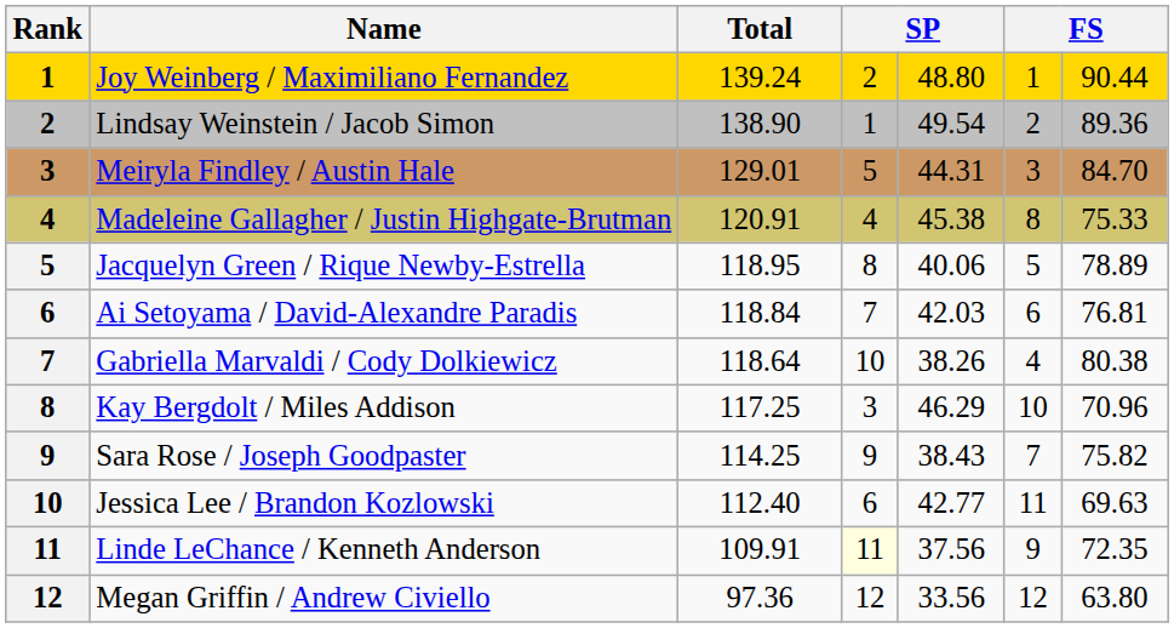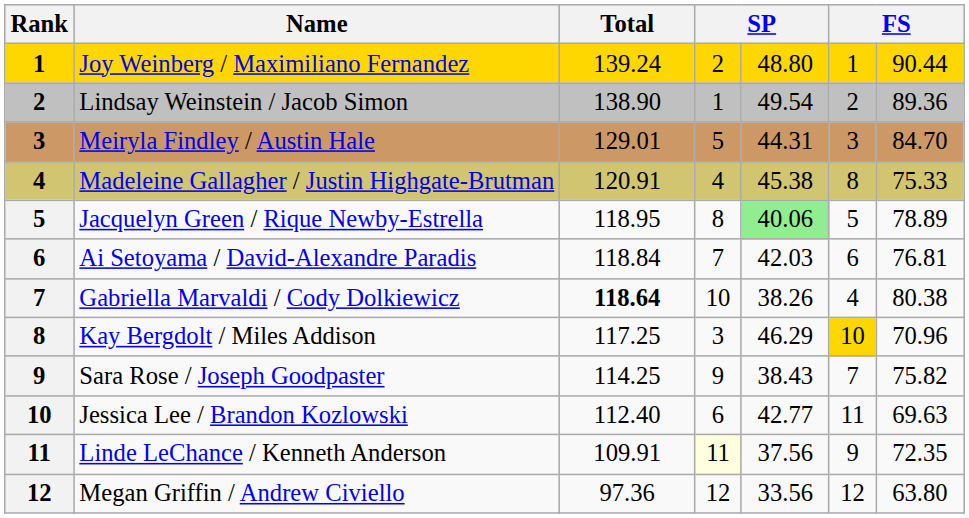 <table class="wikitable sortable">
 <tr>
 <th>Rank</th>
 <th>Name</th>
 <th width="80px">Total</th>
 <th colspan="2" width="80px"><a href='#'>SP</a></th>
 <th colspan="2" width="80px"><a href='#'>FS</a></th>
 </tr>
 <tr bgcolor="gold">
 <td align="center"><strong>1</strong></td>
 <td><a href='#'>Joy Weinberg</a> / <a href='#'>Maximiliano Fernandez</a></td>
 <td align="center">139.24</td>
 <td align="center">2</td>
 <td align="center">48.80</td>
 <td align="center">1</td>
 <td align="center">90.44</td>
 </tr>
 <tr bgcolor="silver">
 <td align="center"><strong>2</strong></td>
 <td>Lindsay Weinstein / Jacob Simon</td>
 <td align="center">138.90</td>
 <td align="center">1</td>
 <td align="center">49.54</td>
 <td align="center">2</td>
 <td align="center">89.36</td>
 </tr>
 <tr bgcolor="cc9966">
 <td align="center"><strong>3</strong></td>
 <td><a href='#'>Meiryla Findley</a> / <a href='#'>Austin Hale</a></td>
 <td align="center">129.01</td>
 <td align="center">5</td>
 <td align="center">44.31</td>
 <td align="center">3</td>
 <td align="center">84.70</td>
 </tr>
 <tr bgcolor="#d1c571">
 <td align="center"><strong>4</strong></td>
 <td><a href='#'>Madeleine Gallagher</a> / <a href='#'>Justin Highgate-Brutman</a></td>
 <td align="center">120.91</td>
 <td align="center">4</td>
 <td align="center">45.38</td>
 <td align="center">8</td>
 <td align="center">75.33</td>
 </tr>
 <tr>
 <th>5</th>
 <td><a href='#'>Jacquelyn Green</a> / <a href='#'>Rique Newby-Estrella</a></td>
 <td align="center">118.95</td>
 <td align="center">8</td>
-<td align="center">40.06</td>
+<td align="center" style="background: lightgreen;">40.06</td>
 <td align="center">5</td>
 <td align="center">78.89</td>
 </tr>
 <tr>
 <th>6</th>
 <td><a href='#'>Ai Setoyama</a> / <a href='#'>David-Alexandre Paradis</a></td>
 <td align="center">118.84</td>
 <td align="center">7</td>
 <td align="center">42.03</td>
 <td align="center">6</td>
 <td align="center">76.81</td>
 </tr>
 <tr>
 <th>7</th>
 <td><a href='#'>Gabriella Marvaldi</a> / <a href='#'>Cody Dolkiewicz</a></td>
-<td align="center">118.64</td>
+<td align="center"><strong>118.64</strong></td>
 <td align="center">10</td>
 <td align="center">38.26</td>
 <td align="center">4</td>
 <td align="center">80.38</td>
 </tr>
 <tr>
 <th>8</th>
 <td><a href='#'>Kay Bergdolt</a> / Miles Addison</td>
 <td align="center">117.25</td>
 <td align="center">3</td>
 <td align="center">46.29</td>
-<td align="center">10</td>
+<td align="center" style="background: gold;">10</td>
 <td align="center">70.96</td>
 </tr>
 <tr>
 <th>9</th>
 <td>Sara Rose / <a href='#'>Joseph Goodpaster</a></td>
 <td align="center">114.25</td>
 <td align="center">9</td>
 <td align="center">38.43</td>
 <td align="center">7</td>
 <td align="center">75.82</td>
 </tr>
 <tr>
 <th>10</th>
 <td>Jessica Lee / <a href='#'>Brandon Kozlowski</a></td>
 <td align="center">112.40</td>
 <td align="center">6</td>
 <td align="center">42.77</td>
 <td align="center">11</td>
 <td align="center">69.63</td>
 </tr>
 <tr>
 <th>11</th>
 <td><a href='#'>Linde LeChance</a> / Kenneth Anderson</td>
 <td align="center">109.91</td>
 <td align="center" style="background: lightyellow;">11</td>
 <td align="center">37.56</td>
 <td align="center">9</td>
 <td align="center">72.35</td>
 </tr>
 <tr>
 <th>12</th>
 <td>Megan Griffin / <a href='#'>Andrew Civiello</a></td>
 <td align="center">97.36</td>
 <td align="center">12</td>
 <td align="center">33.56</td>
 <td align="center">12</td>
 <td align="center">63.80</td>
 </tr>
 </table>
